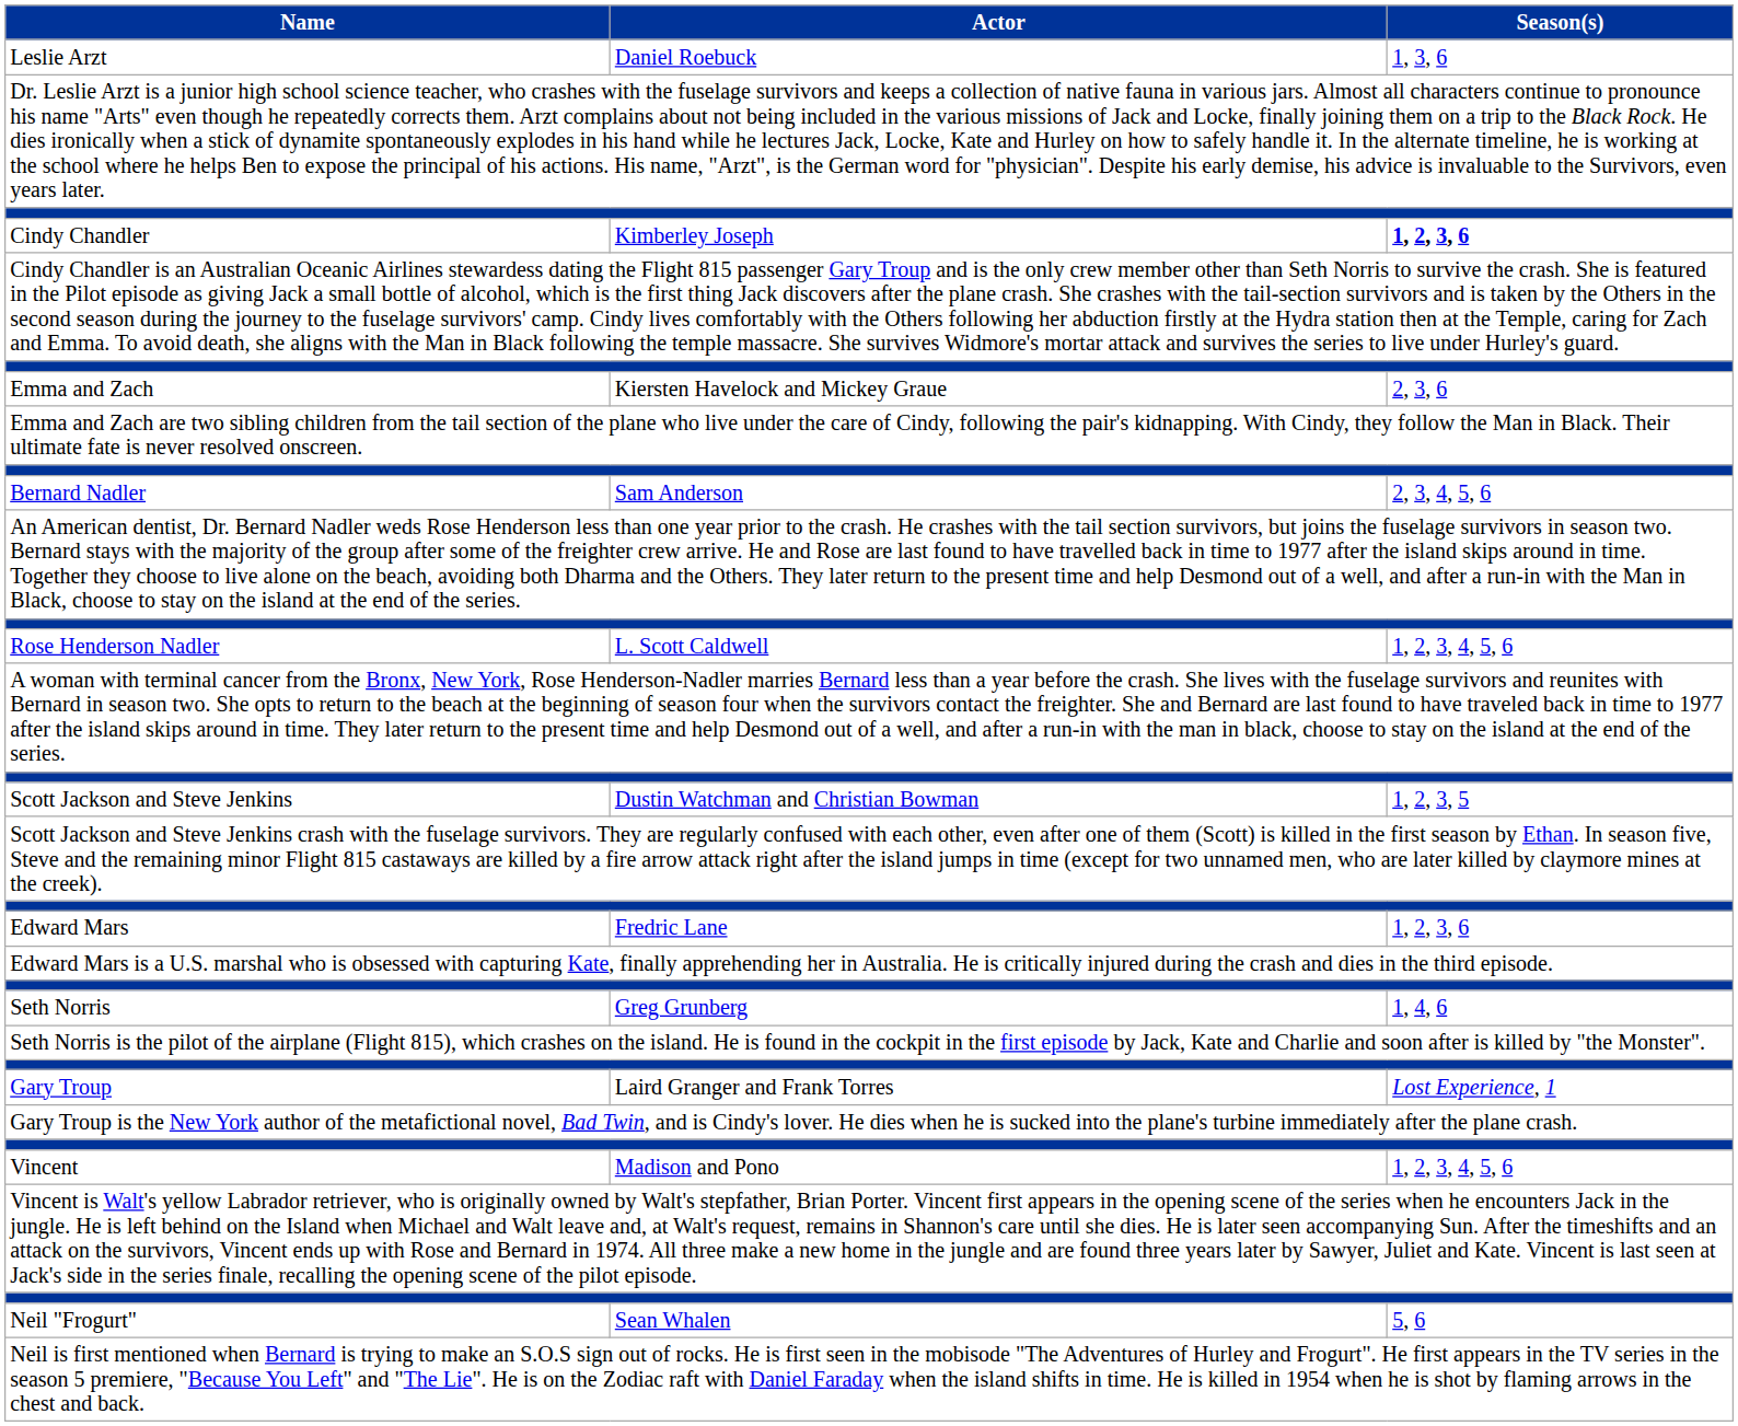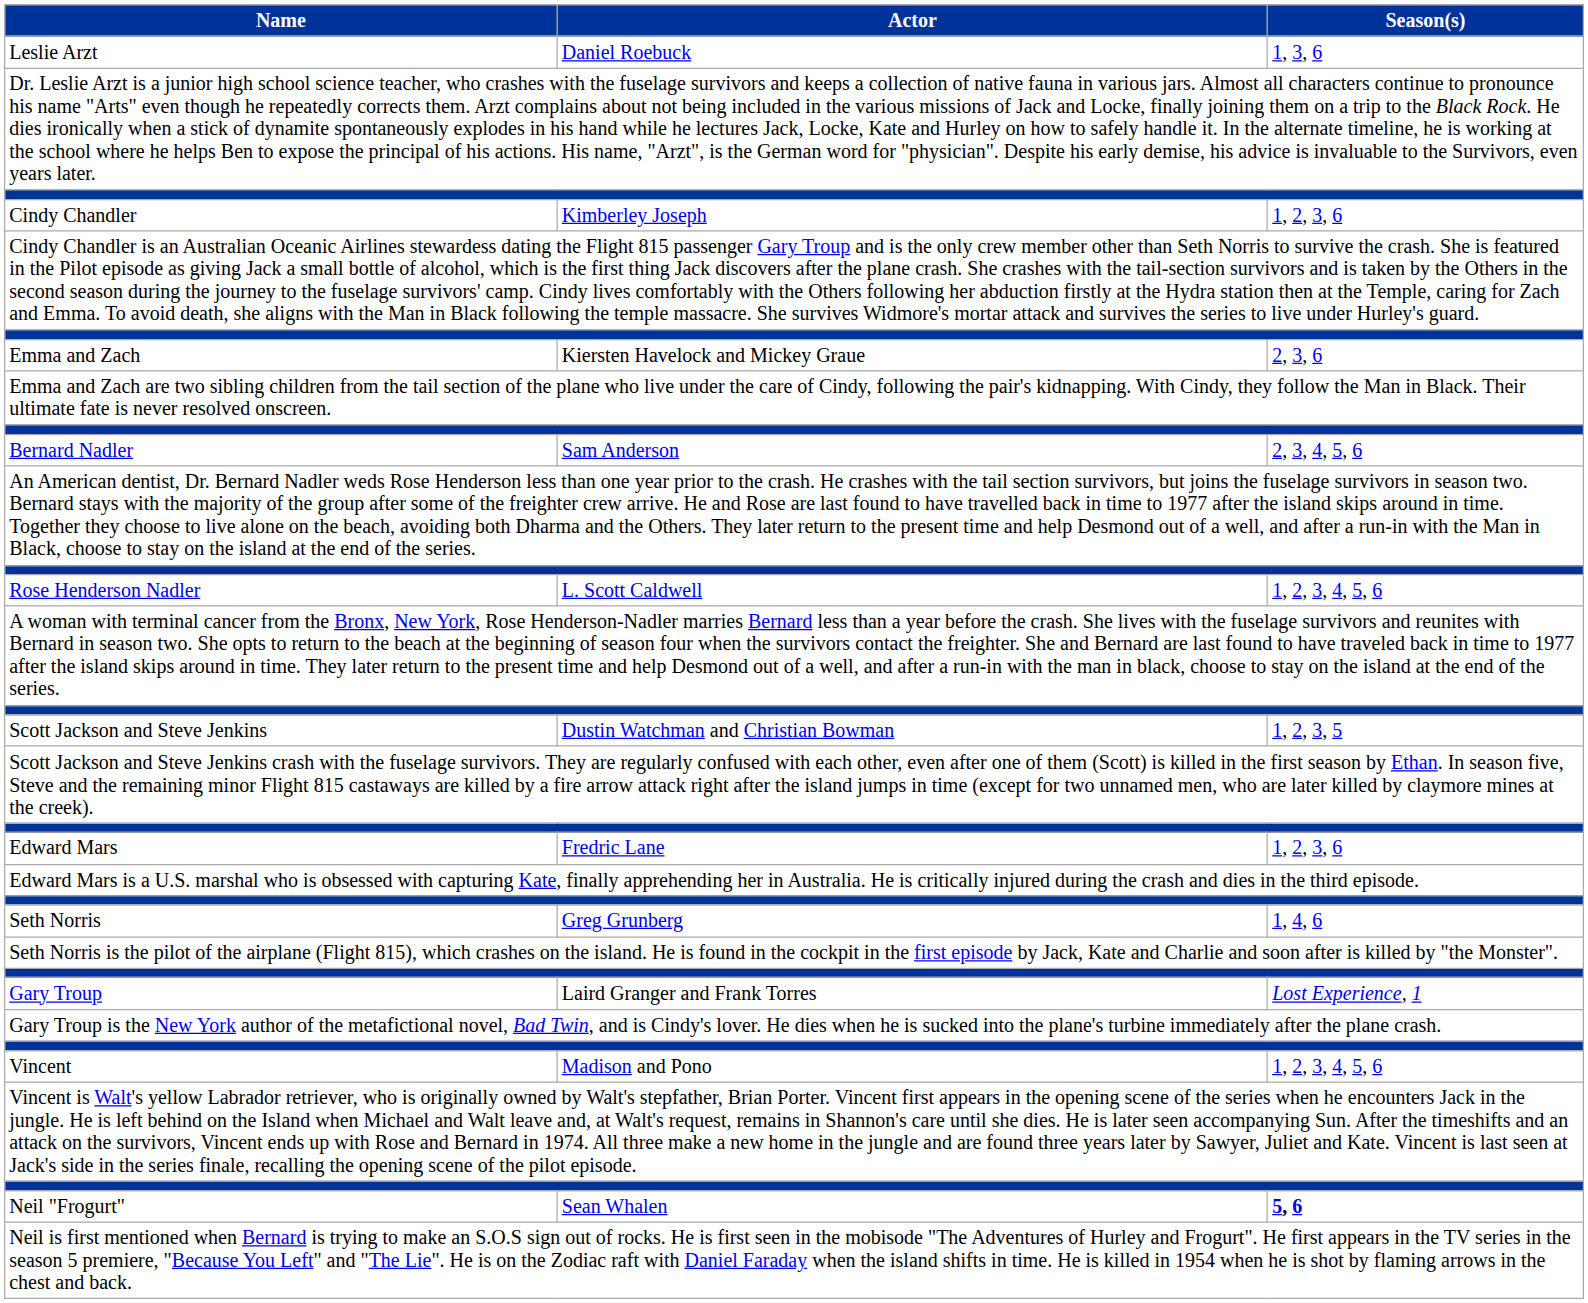 <table class="wikitable sortable" style="width:100%; margin-right:auto; background: #FFFFFF">
 <tr style="color:white">
 <th style="background-color:#003399; width:35%">Name</th>
 <th style="background-color:#003399; width:45%">Actor</th>
 <th style="background-color:#003399; width:20%">Season(s)</th>
 </tr>
 <tr>
 <td>Leslie Arzt </td>
 <td><a href='#'>Daniel Roebuck</a></td>
 <td><a href='#'>1</a>, <a href='#'>3</a>, <a href='#'>6</a></td>
 </tr>
 <tr>
 <td colspan="5">Dr. Leslie Arzt is a junior high school science teacher, who crashes with the fuselage survivors and keeps a collection of native fauna in various jars. Almost all characters continue to pronounce his name "Arts" even though he repeatedly corrects them. Arzt complains about not being included in the various missions of Jack and Locke, finally joining them on a trip to the <em>Black Rock</em>. He dies ironically when a stick of dynamite spontaneously explodes in his hand while he lectures Jack, Locke, Kate and Hurley on how to safely handle it. In the alternate timeline, he is working at the school where he helps Ben to expose the principal of his actions. His name, "Arzt", is the German word for "physician". Despite his early demise, his advice is invaluable to the Survivors, even years later.</td>
 </tr>
 <tr>
 <td colspan="5" bgcolor="#003399"></td>
 </tr>
 <tr>
 <td>Cindy Chandler </td>
 <td><a href='#'>Kimberley Joseph</a></td>
-<td><strong><a href='#'>1</a>, <a href='#'>2</a>, <a href='#'>3</a>, <a href='#'>6</a></strong></td>
+<td><a href='#'>1</a>, <a href='#'>2</a>, <a href='#'>3</a>, <a href='#'>6</a></td>
 </tr>
 <tr>
 <td colspan="5">Cindy Chandler is an Australian Oceanic Airlines stewardess dating the Flight 815 passenger <a href='#'>Gary Troup</a> and is the only crew member other than Seth Norris to survive the crash. She is featured in the Pilot episode as giving Jack a small bottle of alcohol, which is the first thing Jack discovers after the plane crash. She crashes with the tail-section survivors and is taken by the Others in the second season during the journey to the fuselage survivors' camp. Cindy lives comfortably with the Others following her abduction firstly at the Hydra station then at the Temple, caring for Zach and Emma. To avoid death, she aligns with the Man in Black following the temple massacre. She survives Widmore's mortar attack and survives the series to live under Hurley's guard.</td>
 </tr>
 <tr>
 <td colspan="5" bgcolor="#003399"></td>
 </tr>
 <tr>
 <td>Emma and Zach </td>
 <td>Kiersten Havelock and Mickey Graue</td>
 <td><a href='#'>2</a>, <a href='#'>3</a>, <a href='#'>6</a></td>
 </tr>
 <tr>
 <td colspan="5">Emma and Zach are two sibling children from the tail section of the plane who live under the care of Cindy, following the pair's kidnapping. With Cindy, they follow the Man in Black. Their ultimate fate is never resolved onscreen.</td>
 </tr>
 <tr>
 <td colspan="5" bgcolor="#003399"></td>
 </tr>
 <tr |->
 <td><a href='#'>Bernard Nadler</a></td>
 <td><a href='#'>Sam Anderson</a></td>
 <td><a href='#'>2</a>, <a href='#'>3</a>, <a href='#'>4</a>, <a href='#'>5</a>, <a href='#'>6</a></td>
 </tr>
 <tr>
 <td colspan="5">An American dentist, Dr. Bernard Nadler weds Rose Henderson less than one year prior to the crash. He crashes with the tail section survivors, but joins the fuselage survivors in season two. Bernard stays with the majority of the group after some of the freighter crew arrive. He and Rose are last found to have travelled back in time to 1977 after the island skips around in time. Together they choose to live alone on the beach, avoiding both Dharma and the Others. They later return to the present time and help Desmond out of a well, and after a run-in with the Man in Black, choose to stay on the island at the end of the series.</td>
 </tr>
 <tr>
 <td colspan="5" bgcolor="#003399"></td>
 </tr>
 <tr>
 <td><a href='#'>Rose Henderson Nadler</a></td>
 <td><a href='#'>L. Scott Caldwell</a></td>
 <td><a href='#'>1</a>, <a href='#'>2</a>, <a href='#'>3</a>, <a href='#'>4</a>, <a href='#'>5</a>, <a href='#'>6</a></td>
 </tr>
 <tr>
 <td colspan="5">A woman with terminal cancer from the <a href='#'>Bronx</a>, <a href='#'>New York</a>, Rose Henderson-Nadler marries <a href='#'>Bernard</a> less than a year before the crash. She lives with the fuselage survivors and reunites with Bernard in season two. She opts to return to the beach at the beginning of season four when the survivors contact the freighter. She and Bernard are last found to have traveled back in time to 1977 after the island skips around in time. They later return to the present time and help Desmond out of a well, and after a run-in with the man in black, choose to stay on the island at the end of the series.</td>
 </tr>
 <tr>
 <td colspan="5" bgcolor="#003399"></td>
 </tr>
 <tr>
 <td>Scott Jackson and Steve Jenkins </td>
 <td><a href='#'>Dustin Watchman</a> and <a href='#'>Christian Bowman</a></td>
 <td><a href='#'>1</a>, <a href='#'>2</a>, <a href='#'>3</a>, <a href='#'>5</a></td>
 </tr>
 <tr>
 <td colspan="5">Scott Jackson and Steve Jenkins crash with the fuselage survivors. They are regularly confused with each other, even after one of them (Scott) is killed in the first season by <a href='#'>Ethan</a>. In season five, Steve and the remaining minor Flight 815 castaways are killed by a fire arrow attack right after the island jumps in time (except for two unnamed men, who are later killed by claymore mines at the creek).</td>
 </tr>
 <tr>
 <td colspan="5" bgcolor="#003399"></td>
 </tr>
 <tr>
 <td>Edward Mars </td>
 <td><a href='#'>Fredric Lane</a></td>
 <td><a href='#'>1</a>, <a href='#'>2</a>, <a href='#'>3</a>, <a href='#'>6</a></td>
 </tr>
 <tr>
 <td colspan="5">Edward Mars is a U.S. marshal who is obsessed with capturing <a href='#'>Kate</a>, finally apprehending her in Australia. He is critically injured during the crash and dies in the third episode.</td>
 </tr>
 <tr>
 <td colspan="5" bgcolor="#003399"></td>
 </tr>
 <tr>
 <td>Seth Norris </td>
 <td><a href='#'>Greg Grunberg</a></td>
 <td><a href='#'>1</a>, <a href='#'>4</a>, <a href='#'>6</a></td>
 </tr>
 <tr>
 <td colspan="5">Seth Norris is the pilot of the airplane (Flight 815), which crashes on the island. He is found in the cockpit in the <a href='#'>first episode</a> by Jack, Kate and Charlie and soon after is killed by "the Monster".</td>
 </tr>
 <tr>
 <td colspan="5" bgcolor="#003399"></td>
 </tr>
 <tr>
 <td><a href='#'>Gary Troup</a></td>
 <td>Laird Granger and Frank Torres</td>
 <td><em><a href='#'>Lost Experience</a>, <a href='#'>1</a> </em></td>
 </tr>
 <tr>
 <td colspan="5">Gary Troup is the <a href='#'>New York</a> author of the metafictional novel, <em><a href='#'>Bad Twin</a></em>, and is Cindy's lover. He dies when he is sucked into the plane's turbine immediately after the plane crash.</td>
 </tr>
 <tr>
 <td colspan="5" bgcolor="#003399"></td>
 </tr>
 <tr>
 <td>Vincent </td>
 <td><a href='#'>Madison</a> and Pono</td>
 <td><a href='#'>1</a>, <a href='#'>2</a>, <a href='#'>3</a>, <a href='#'>4</a>, <a href='#'>5</a>, <a href='#'>6</a></td>
 </tr>
 <tr>
 <td colspan="5">Vincent is <a href='#'>Walt</a>'s yellow Labrador retriever, who is originally owned by Walt's stepfather, Brian Porter. Vincent first appears in the opening scene of the series when he encounters Jack in the jungle. He is left behind on the Island when Michael and Walt leave and, at Walt's request, remains in Shannon's care until she dies. He is later seen accompanying Sun. After the timeshifts and an attack on the survivors, Vincent ends up with Rose and Bernard in 1974. All three make a new home in the jungle and are found three years later by Sawyer, Juliet and Kate. Vincent is last seen at Jack's side in the series finale, recalling the opening scene of the pilot episode.</td>
 </tr>
 <tr>
 <td colspan="5" bgcolor="#003399"></td>
 </tr>
 <tr>
 <td>Neil "Frogurt" </td>
 <td><a href='#'>Sean Whalen</a></td>
-<td><a href='#'>5</a>, <a href='#'>6</a></td>
+<td><strong><a href='#'>5</a>, <a href='#'>6</a></strong></td>
 </tr>
 <tr>
 <td colspan="5">Neil is first mentioned when <a href='#'>Bernard</a> is trying to make an S.O.S sign out of rocks. He is first seen in the mobisode "The Adventures of Hurley and Frogurt". He first appears in the TV series in the season 5 premiere, "<a href='#'>Because You Left</a>" and "<a href='#'>The Lie</a>". He is on the Zodiac raft with <a href='#'>Daniel Faraday</a> when the island shifts in time. He is killed in 1954 when he is shot by flaming arrows in the chest and back.</td>
 </tr>
 </table>
